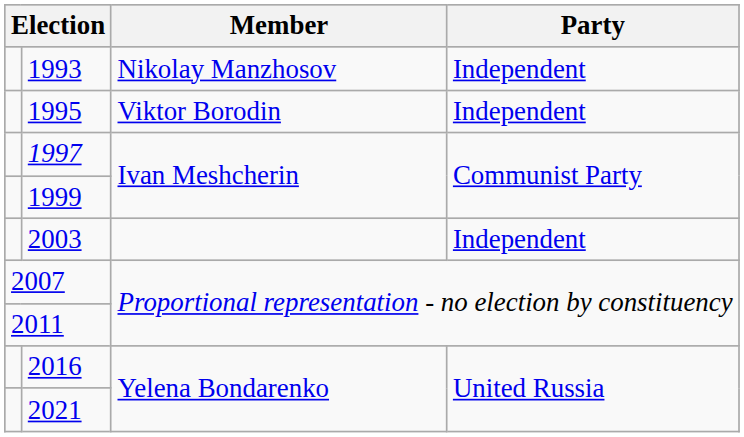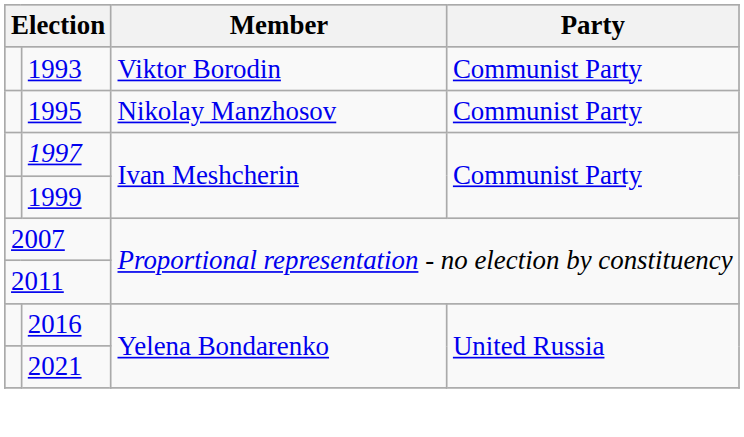 <table class="wikitable">
 <tr>
 <th colspan="2">Election</th>
 <th>Member</th>
 <th>Party</th>
 </tr>
 <tr>
 <td style="background-color:"></td>
 <td><a href='#'>1993</a></td>
-<td><a href='#'>Nikolay Manzhosov</a></td>
-<td><a href='#'>Independent</a></td>
+<td><a href='#'>Viktor Borodin</a></td>
+<td><a href='#'>Communist Party</a></td>
 </tr>
 <tr>
 <td style="background-color:"></td>
 <td><a href='#'>1995</a></td>
-<td><a href='#'>Viktor Borodin</a></td>
-<td><a href='#'>Independent</a></td>
+<td><a href='#'>Nikolay Manzhosov</a></td>
+<td><a href='#'>Communist Party</a></td>
 </tr>
 <tr>
 <td style="background-color:"></td>
 <td><em><a href='#'>1997</a></em></td>
 <td rowspan=2><a href='#'>Ivan Meshcherin</a></td>
 <td rowspan=2><a href='#'>Communist Party</a></td>
 </tr>
 <tr>
 <td style="background-color:"></td>
 <td><a href='#'>1999</a></td>
-</tr>
-<tr>
-<td style="background-color:"></td>
-<td><a href='#'>2003</a></td>
-<td></td>
-<td><a href='#'>Independent</a></td>
 </tr>
 <tr>
 <td colspan=2><a href='#'>2007</a></td>
 <td colspan=2 rowspan=2><em><a href='#'>Proportional representation</a> - no election by constituency</em></td>
 </tr>
 <tr>
 <td colspan=2><a href='#'>2011</a></td>
 </tr>
 <tr>
 <td style="background-color: "></td>
 <td><a href='#'>2016</a></td>
 <td rowspan=2><a href='#'>Yelena Bondarenko</a></td>
 <td rowspan=2><a href='#'>United Russia</a></td>
 </tr>
 <tr>
 <td style="background-color: "></td>
 <td><a href='#'>2021</a></td>
 </tr>
 </table>
